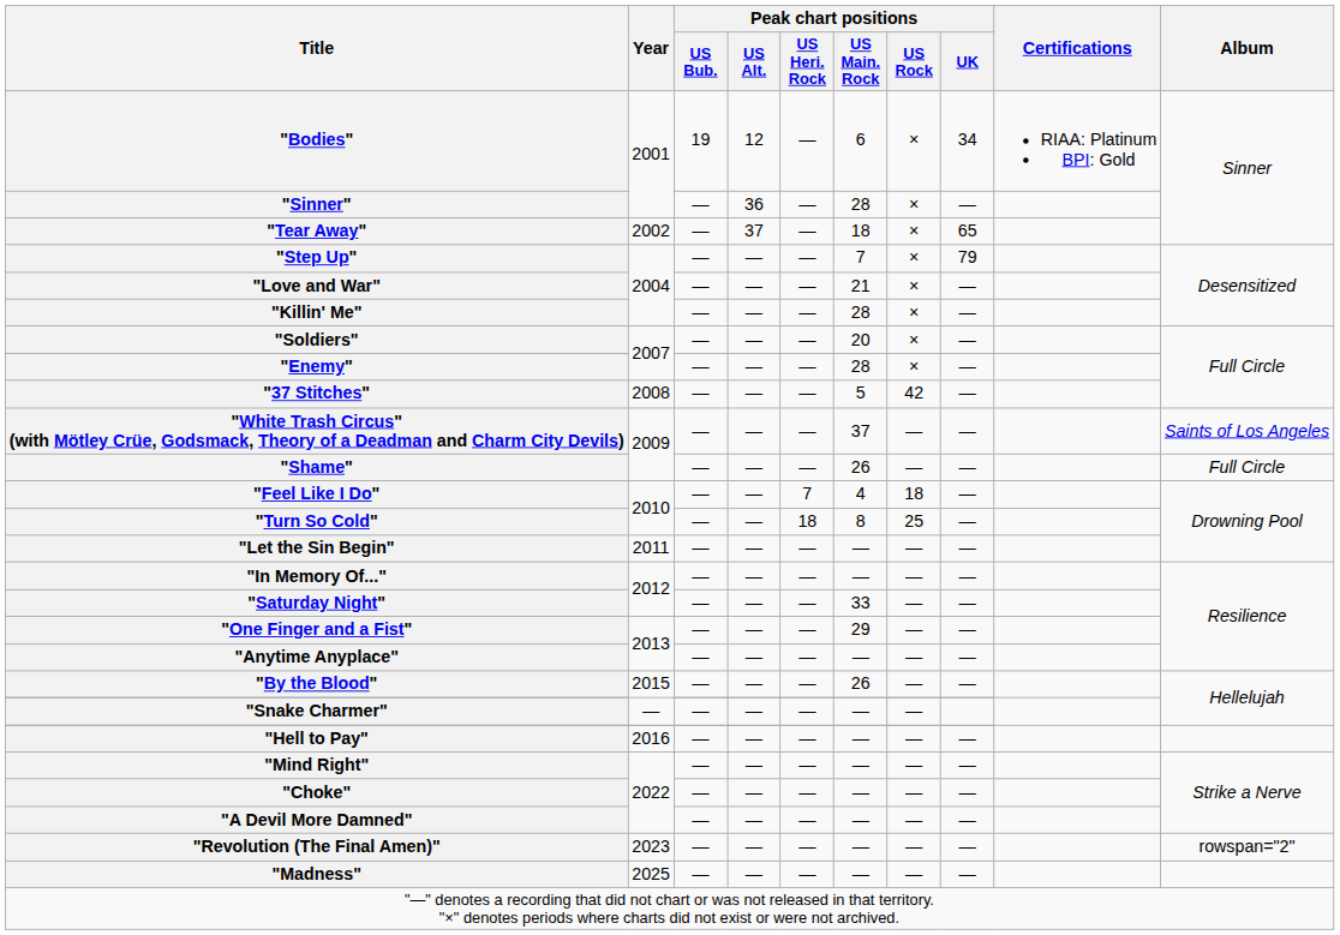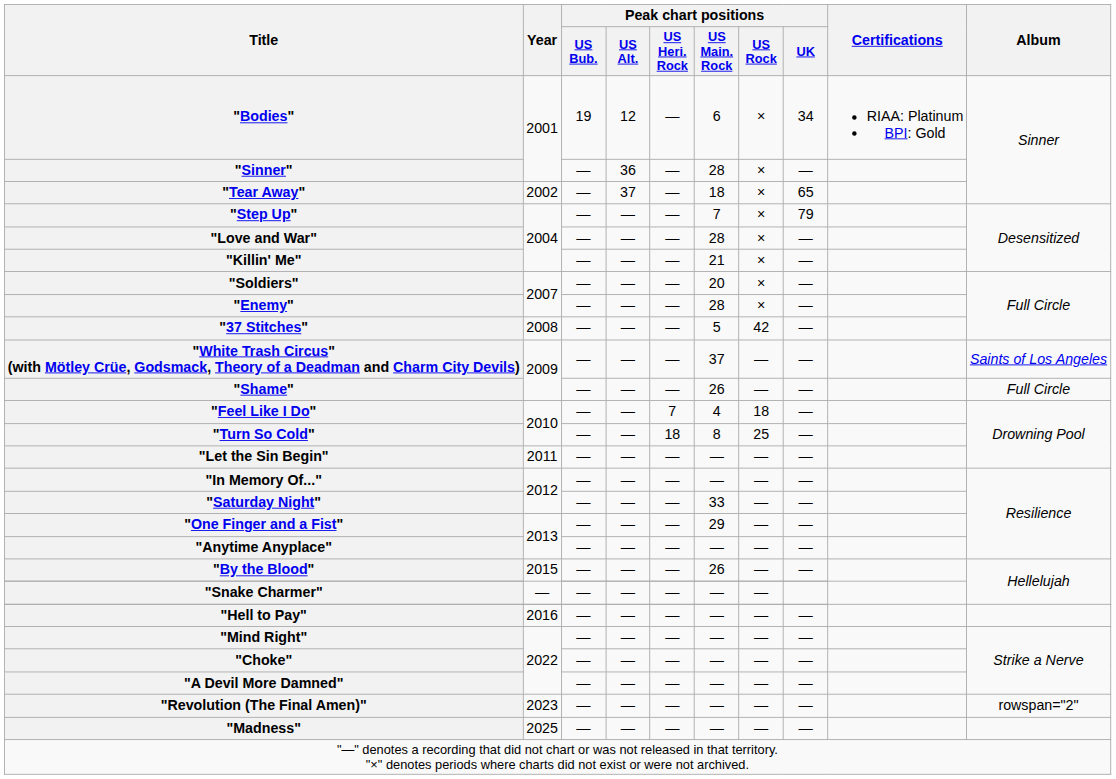 <table class="wikitable plainrowheaders" style="text-align:center;">
 <tr>
 <th scope="col" rowspan="2">Title</th>
 <th scope="col" rowspan="2">Year</th>
 <th scope="col" colspan="6">Peak chart positions</th>
 <th scope="col" rowspan="2"><a href='#'>Certifications</a></th>
 <th scope="col" rowspan="2">Album</th>
 </tr>
 <tr>
 <th scope="col" style="width:3em;font-size:90%;"><a href='#'>US<br>Bub.</a><br></th>
 <th scope="col" style="width:3em;font-size:90%;"><a href='#'>US<br>Alt.</a><br></th>
 <th scope="col" style="width:3em;font-size:90%;"><a href='#'>US<br>Heri. Rock</a><br></th>
 <th scope="col" style="width:3em;font-size:90%;"><a href='#'>US<br>Main. Rock</a><br></th>
 <th scope="col" style="width:3em;font-size:90%;"><a href='#'>US<br>Rock</a><br></th>
 <th scope="col" style="width:3em;font-size:90%;"><a href='#'>UK</a><br></th>
 </tr>
 <tr>
 <th scope="row">"<a href='#'>Bodies</a>"</th>
 <td rowspan="2">2001</td>
 <td>19</td>
 <td>12</td>
 <td>—</td>
 <td>6</td>
 <td>×</td>
 <td>34</td>
 <td><br><ul><li>RIAA: Platinum</li><li><a href='#'>BPI</a>: Gold</li></ul></td>
 <td rowspan="3"><em>Sinner</em></td>
 </tr>
 <tr>
 <th scope="row">"<a href='#'>Sinner</a>"</th>
 <td>—</td>
 <td>36</td>
 <td>—</td>
 <td>28</td>
 <td>×</td>
 <td>—</td>
 <td></td>
 </tr>
 <tr>
 <th scope="row">"<a href='#'>Tear Away</a>"</th>
 <td>2002</td>
 <td>—</td>
 <td>37</td>
 <td>—</td>
 <td>18</td>
 <td>×</td>
 <td>65</td>
 <td></td>
 </tr>
 <tr>
 <th scope="row">"<a href='#'>Step Up</a>"</th>
 <td rowspan="3">2004</td>
 <td>—</td>
 <td>—</td>
 <td>—</td>
 <td>7</td>
 <td>×</td>
 <td>79</td>
 <td></td>
 <td rowspan="3"><em>Desensitized</em></td>
 </tr>
 <tr>
 <th scope="row">"Love and War"</th>
 <td>—</td>
 <td>—</td>
 <td>—</td>
-<td>21</td>
+<td>28</td>
 <td>×</td>
 <td>—</td>
 <td></td>
 </tr>
 <tr>
 <th scope="row">"Killin' Me"</th>
 <td>—</td>
 <td>—</td>
 <td>—</td>
-<td>28</td>
+<td>21</td>
 <td>×</td>
 <td>—</td>
 <td></td>
 </tr>
 <tr>
 <th scope="row">"Soldiers"</th>
 <td rowspan="2">2007</td>
 <td>—</td>
 <td>—</td>
 <td>—</td>
 <td>20</td>
 <td>×</td>
 <td>—</td>
 <td></td>
 <td rowspan="3"><em>Full Circle</em></td>
 </tr>
 <tr>
 <th scope="row">"<a href='#'>Enemy</a>"</th>
 <td>—</td>
 <td>—</td>
 <td>—</td>
 <td>28</td>
 <td>×</td>
 <td>—</td>
 <td></td>
 </tr>
 <tr>
 <th scope="row">"<a href='#'>37 Stitches</a>"</th>
 <td>2008</td>
 <td>—</td>
 <td>—</td>
 <td>—</td>
 <td>5</td>
 <td>42</td>
 <td>—</td>
 <td></td>
 </tr>
 <tr>
 <th scope="row">"<a href='#'>White Trash Circus</a>"<br><span>(with <a href='#'>Mötley Crüe</a>, <a href='#'>Godsmack</a>, <a href='#'>Theory of a Deadman</a> and <a href='#'>Charm City Devils</a>)</span></th>
 <td rowspan="2">2009</td>
 <td>—</td>
 <td>—</td>
 <td>—</td>
 <td>37</td>
 <td>—</td>
 <td>—</td>
 <td></td>
 <td><em><a href='#'>Saints of Los Angeles</a></em></td>
 </tr>
 <tr>
 <th scope="row">"<a href='#'>Shame</a>"</th>
 <td>—</td>
 <td>—</td>
 <td>—</td>
 <td>26</td>
 <td>—</td>
 <td>—</td>
 <td></td>
 <td><em>Full Circle</em></td>
 </tr>
 <tr>
 <th scope="row">"<a href='#'>Feel Like I Do</a>"</th>
 <td rowspan="2">2010</td>
 <td>—</td>
 <td>—</td>
 <td>7</td>
 <td>4</td>
 <td>18</td>
 <td>—</td>
 <td></td>
 <td rowspan="3"><em> Drowning Pool </em></td>
 </tr>
 <tr>
 <th scope="row">"<a href='#'>Turn So Cold</a>"</th>
 <td>—</td>
 <td>—</td>
 <td>18</td>
 <td>8</td>
 <td>25</td>
 <td>—</td>
 <td></td>
 </tr>
 <tr>
 <th scope="row">"Let the Sin Begin"</th>
 <td rowspan="1">2011</td>
 <td>—</td>
 <td>—</td>
 <td>—</td>
 <td>—</td>
 <td>—</td>
 <td>—</td>
 <td></td>
 </tr>
 <tr>
 <th scope="row">"In Memory Of..."</th>
 <td rowspan="2" 2>2012</td>
 <td>—</td>
 <td>—</td>
 <td>—</td>
 <td>—</td>
 <td>—</td>
 <td>—</td>
 <td></td>
 <td rowspan="4"><em> Resilience </em></td>
 </tr>
 <tr>
 <th scope="row">"<a href='#'>Saturday Night</a>"</th>
 <td>—</td>
 <td>—</td>
 <td>—</td>
 <td>33</td>
 <td>—</td>
 <td>—</td>
 <td></td>
 </tr>
 <tr>
 <th scope="row">"<a href='#'>One Finger and a Fist</a>"</th>
 <td rowspan="2">2013</td>
 <td>—</td>
 <td>—</td>
 <td>—</td>
 <td>29</td>
 <td>—</td>
 <td>—</td>
 <td></td>
 </tr>
 <tr>
 <th scope="row">"Anytime Anyplace"</th>
 <td>—</td>
 <td>—</td>
 <td>—</td>
 <td>—</td>
 <td>—</td>
 <td>—</td>
 <td></td>
 </tr>
 <tr>
 <th scope="row">"<a href='#'>By the Blood</a>"</th>
 <td rowspan="2">2015</td>
 <td>—</td>
 <td>—</td>
 <td>—</td>
 <td>26</td>
 <td>—</td>
 <td>—</td>
 <td></td>
 <td rowspan="3"><em> Hellelujah </em></td>
 </tr>
 <tr>
 </tr>
 <tr>
 <th scope="row">"Snake Charmer"</th>
 <td>—</td>
 <td>—</td>
 <td>—</td>
 <td>—</td>
 <td>—</td>
 <td>—</td>
 <td></td>
 </tr>
 <tr>
 </tr>
 <tr>
 <th scope="row">"Hell to Pay"</th>
 <td>2016</td>
 <td>—</td>
 <td>—</td>
 <td>—</td>
 <td>—</td>
 <td>—</td>
 <td>—</td>
 <td></td>
 </tr>
 <tr>
 <th scope="row">"Mind Right"</th>
 <td rowspan="3">2022</td>
 <td>—</td>
 <td>—</td>
 <td>—</td>
 <td>—</td>
 <td>—</td>
 <td>—</td>
 <td></td>
 <td rowspan="3"><em>Strike a Nerve</em></td>
 </tr>
 <tr>
 <th scope="row">"Choke"</th>
 <td>—</td>
 <td>—</td>
 <td>—</td>
 <td>—</td>
 <td>—</td>
 <td>—</td>
 <td></td>
 </tr>
 <tr>
 <th scope="row">"A Devil More Damned"</th>
 <td>—</td>
 <td>—</td>
 <td>—</td>
 <td>—</td>
 <td>—</td>
 <td>—</td>
 <td></td>
 </tr>
 <tr>
 <th scope="row">"Revolution (The Final Amen)"</th>
 <td>2023</td>
 <td>—</td>
 <td>—</td>
 <td>—</td>
 <td>—</td>
 <td>—</td>
 <td>—</td>
 <td></td>
 <td>rowspan="2" </td>
 </tr>
 <tr>
 <th scope="row">"Madness"</th>
 <td>2025</td>
 <td>—</td>
 <td>—</td>
 <td>—</td>
 <td>—</td>
 <td>—</td>
 <td>—</td>
 <td></td>
 </tr>
 <tr>
 <td colspan="11" style="font-size:90%">"—" denotes a recording that did not chart or was not released in that territory.<br>"×" denotes periods where charts did not exist or were not archived.</td>
 </tr>
 </table>
